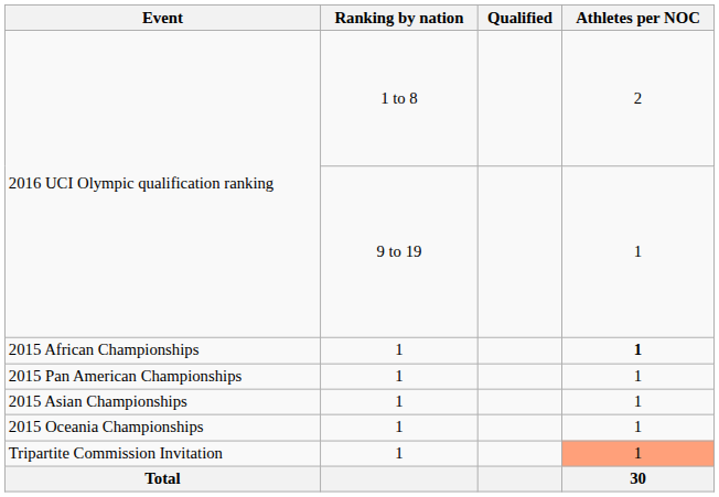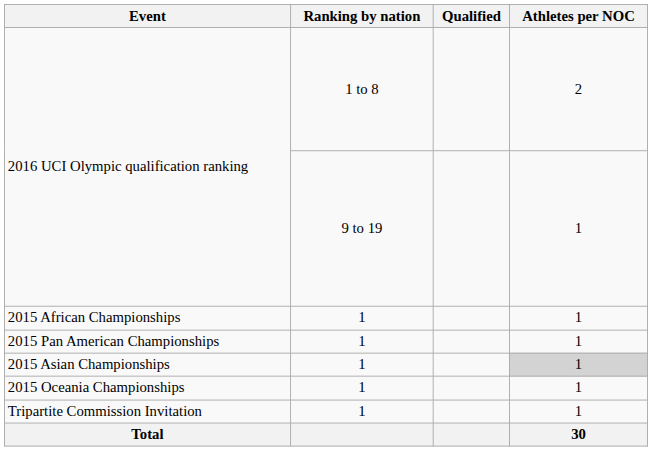 <table class="wikitable"  style="width:700px; text-align:center;">
 <tr>
 <th>Event</th>
 <th>Ranking by nation</th>
 <th>Qualified</th>
 <th>Athletes per NOC</th>
 </tr>
 <tr>
 <td rowspan=2 align=left>2016 UCI Olympic qualification ranking</td>
 <td>1 to 8</td>
 <td align="left"><br><br><br><br><br><br><br></td>
 <td>2</td>
 </tr>
 <tr>
 <td>9 to 19</td>
 <td align="left"><br><br><br><br><br><br><br><br><br></td>
 <td>1</td>
 </tr>
 <tr>
 <td align=left>2015 African Championships</td>
 <td>1</td>
 <td align="left"><s></s><br></td>
-<td><strong>1</strong></td>
+<td>1</td>
 </tr>
 <tr>
 <td align=left>2015 Pan American Championships</td>
 <td>1</td>
 <td align="left"></td>
 <td>1</td>
 </tr>
 <tr>
 <td align=left>2015 Asian Championships</td>
 <td>1</td>
 <td align="left"></td>
-<td>1</td>
+<td style="background: lightgrey;">1</td>
 </tr>
 <tr>
 <td align=left>2015 Oceania Championships</td>
 <td>1</td>
 <td align="left"><s></s></td>
 <td>1</td>
 </tr>
 <tr>
 <td align=left>Tripartite Commission Invitation</td>
 <td>1</td>
 <td align="left"></td>
-<td style="background: lightsalmon;">1</td>
+<td>1</td>
 </tr>
 <tr>
 <th>Total</th>
 <th></th>
 <th></th>
 <th>30</th>
 </tr>
 </table>
